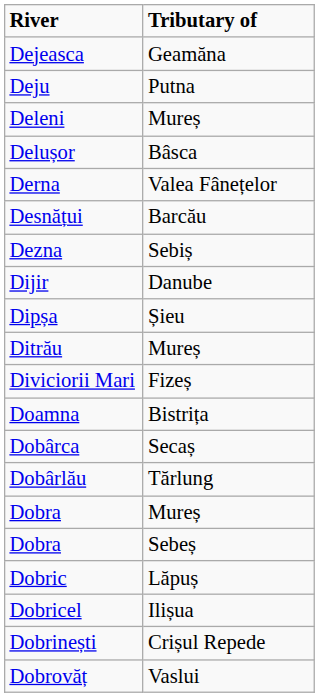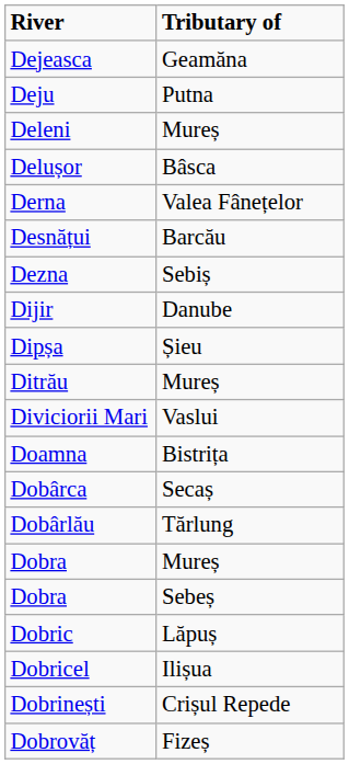 <table class="wikitable">
 <tr>
 <td width="100pt"><strong>River</strong></td>
 <td width="125pt"><strong>Tributary of</strong></td>
 </tr>
 <tr>
 <td><a href='#'>Dejeasca</a></td>
 <td>Geamăna</td>
 </tr>
 <tr>
 <td><a href='#'>Deju</a></td>
 <td>Putna</td>
 </tr>
 <tr>
 <td><a href='#'>Deleni</a></td>
 <td>Mureș</td>
 </tr>
 <tr>
 <td><a href='#'>Delușor</a></td>
 <td>Bâsca</td>
 </tr>
 <tr>
 <td><a href='#'>Derna</a></td>
 <td>Valea Fânețelor</td>
 </tr>
 <tr>
 <td><a href='#'>Desnățui</a></td>
 <td>Barcău</td>
 </tr>
 <tr>
 <td><a href='#'>Dezna</a></td>
 <td>Sebiș</td>
 </tr>
 <tr>
 <td><a href='#'>Dijir</a></td>
 <td>Danube</td>
 </tr>
 <tr>
 <td><a href='#'>Dipșa</a></td>
 <td>Șieu</td>
 </tr>
 <tr>
 <td><a href='#'>Ditrău</a></td>
 <td>Mureș</td>
 </tr>
 <tr>
 <td><a href='#'>Diviciorii Mari</a></td>
-<td>Fizeș</td>
+<td>Vaslui</td>
 </tr>
 <tr>
 <td><a href='#'>Doamna</a></td>
 <td>Bistrița</td>
 </tr>
 <tr>
 <td><a href='#'>Dobârca</a></td>
 <td>Secaș</td>
 </tr>
 <tr>
 <td><a href='#'>Dobârlău</a></td>
 <td>Tărlung</td>
 </tr>
 <tr>
 <td><a href='#'>Dobra</a></td>
 <td>Mureș</td>
 </tr>
 <tr>
 <td><a href='#'>Dobra</a></td>
 <td>Sebeș</td>
 </tr>
 <tr>
 <td><a href='#'>Dobric</a></td>
 <td>Lăpuș</td>
 </tr>
 <tr>
 <td><a href='#'>Dobricel</a></td>
 <td>Ilișua</td>
 </tr>
 <tr>
 <td><a href='#'>Dobrinești</a></td>
 <td>Crișul Repede</td>
 </tr>
 <tr>
 <td><a href='#'>Dobrovăț</a></td>
-<td>Vaslui</td>
+<td>Fizeș</td>
 </tr>
 </table>
